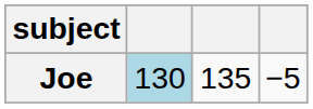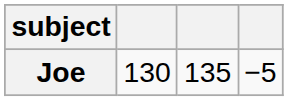 <table class="wikitable" align="center">
 <tr>
 <th>subject</th>
 <th></th>
 <th></th>
 <th></th>
 </tr>
 <tr>
 <th>Joe</th>
-<td style="background: lightblue;">130</td>
+<td>130</td>
 <td>135</td>
 <td>−5</td>
 </tr>
 </table>
